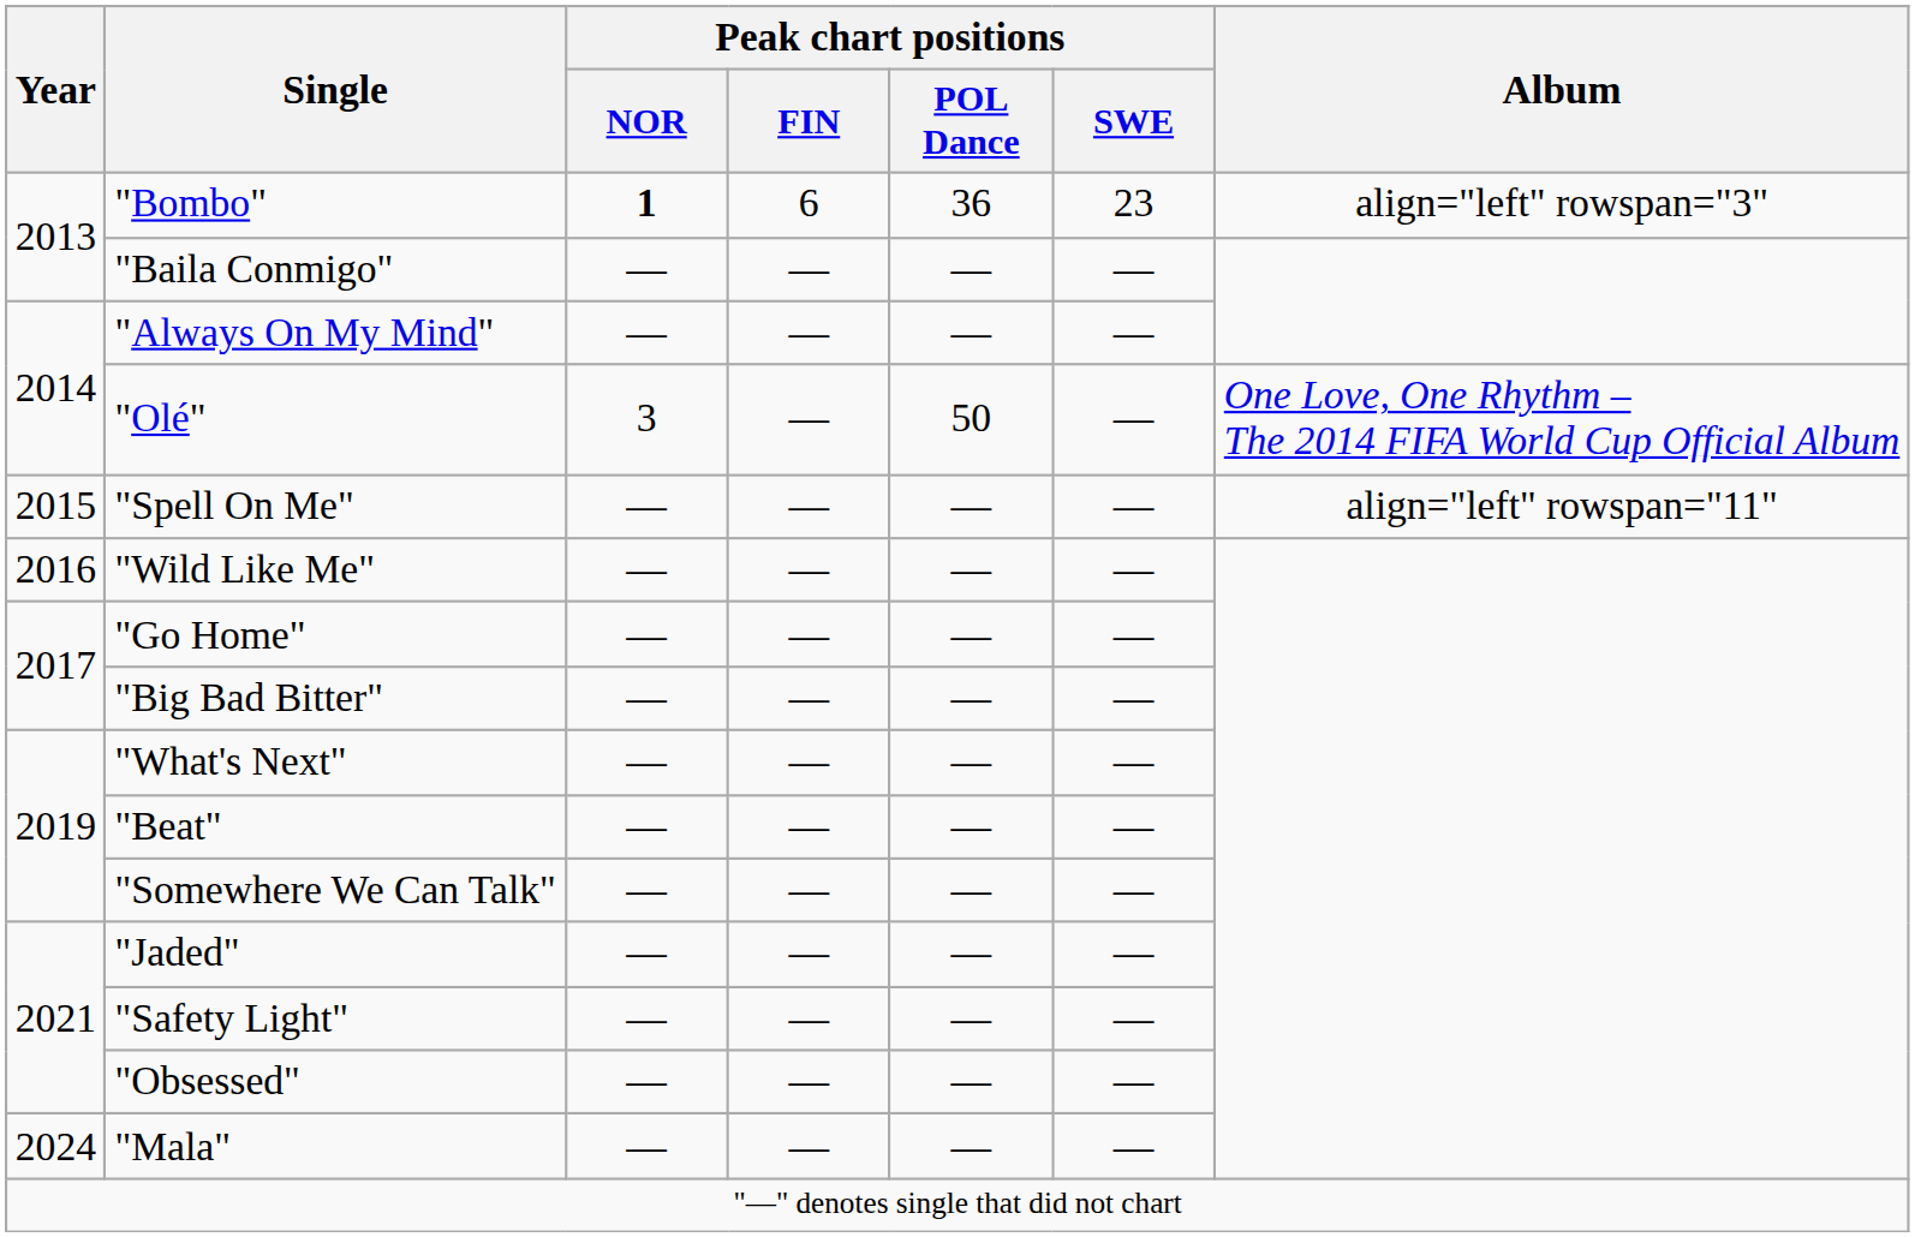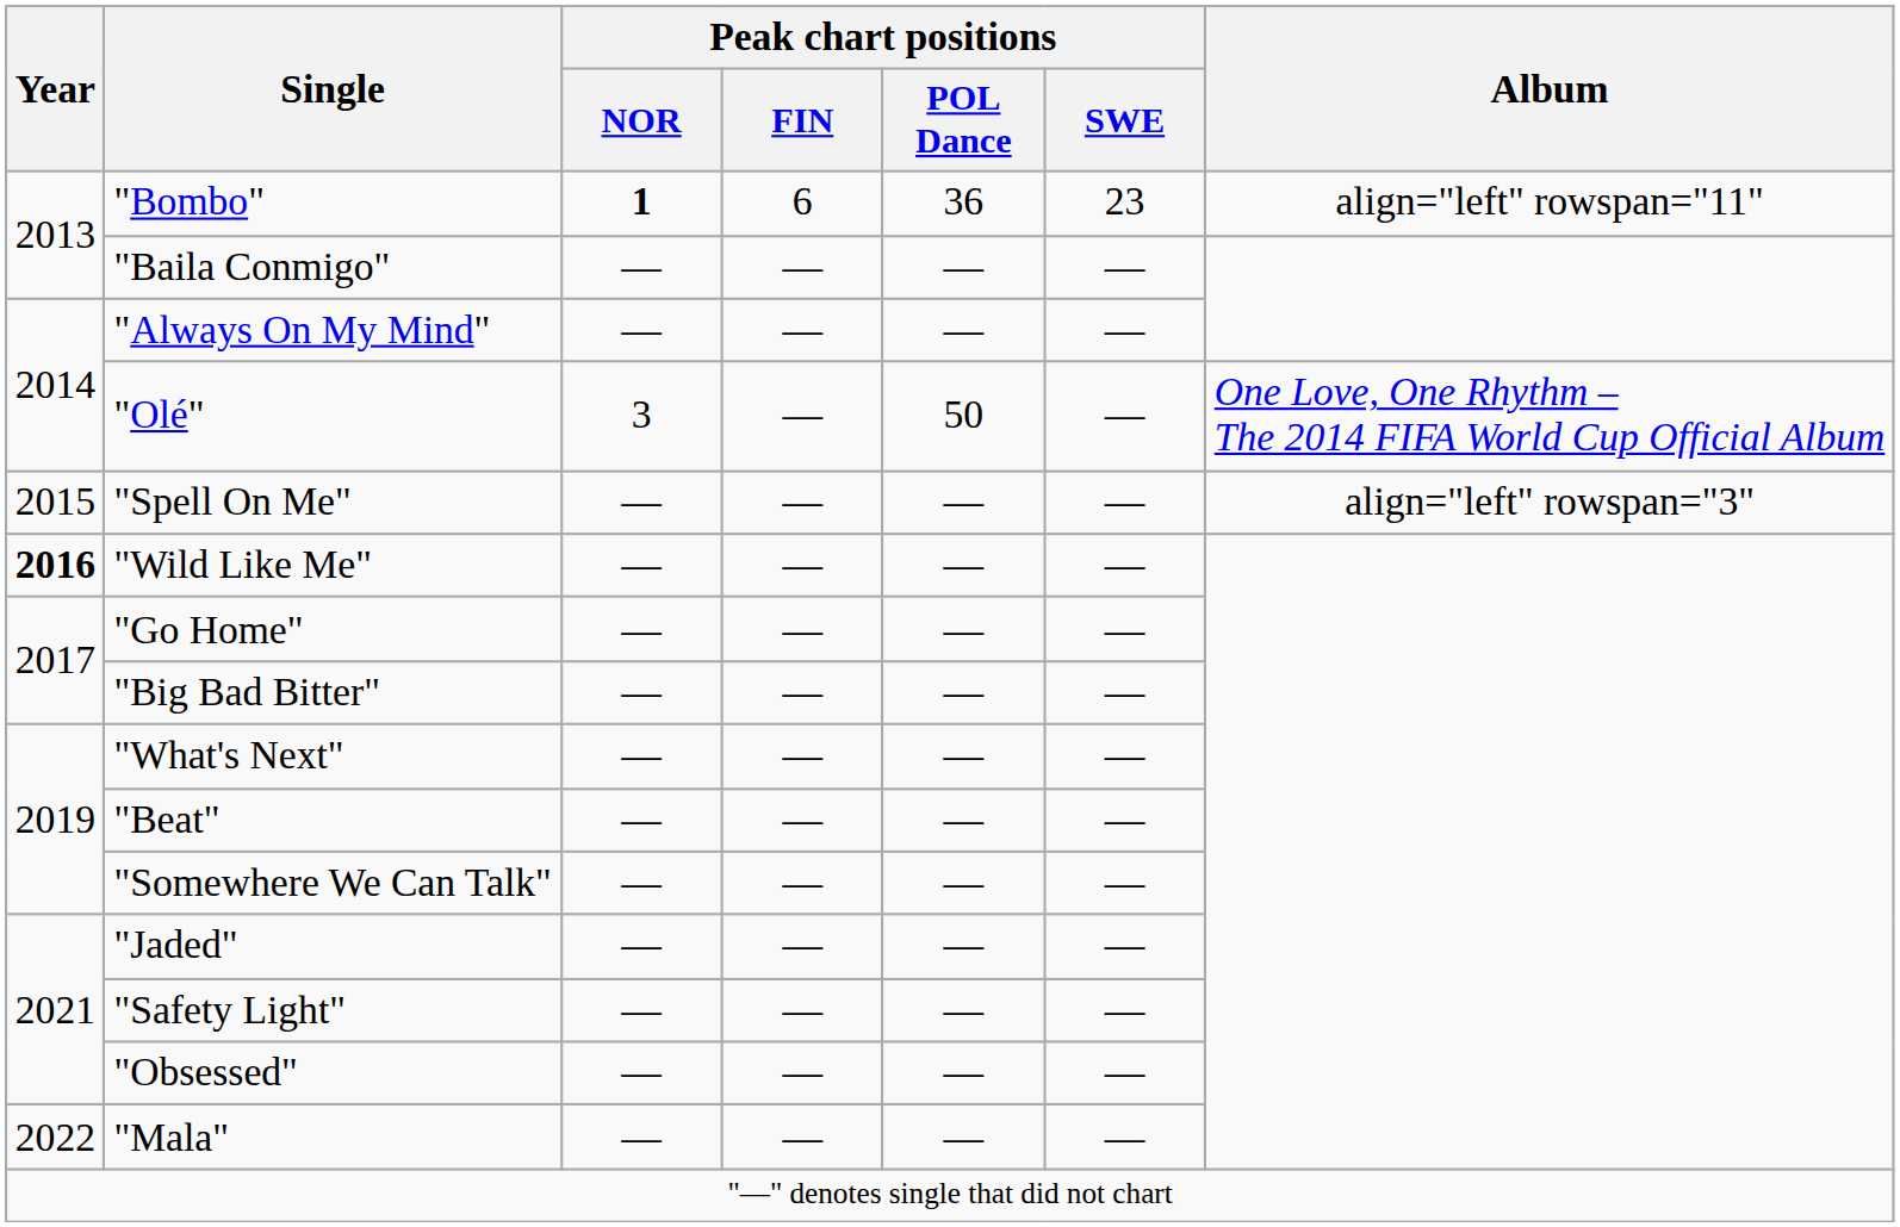 <table class="wikitable plainrowheaders" style="text-align:center;">
 <tr>
 <th scope="col" rowspan="2">Year</th>
 <th scope="col" rowspan="2">Single</th>
 <th scope="col" colspan="4">Peak chart positions</th>
 <th scope="col" rowspan="2">Album</th>
 </tr>
 <tr>
 <th scope="col" style="width:4em;font-size:90%;"><a href='#'>NOR</a><br></th>
 <th scope="col" style="width:4em;font-size:90%;"><a href='#'>FIN</a><br></th>
 <th scope="col" style="width:4em;font-size:90%;"><a href='#'>POL Dance</a><br></th>
 <th scope="col" style="width:4em;font-size:90%;"><a href='#'>SWE</a><br></th>
 </tr>
 <tr>
 <td rowspan="2">2013</td>
 <td align="left">"<a href='#'>Bombo</a>"</td>
 <td><strong>1</strong></td>
 <td>6</td>
 <td>36</td>
 <td>23</td>
-<td>align="left" rowspan="3" </td>
+<td>align="left" rowspan="11" </td>
 </tr>
 <tr>
 <td align="left">"Baila Conmigo"</td>
 <td>—</td>
 <td>—</td>
 <td>—</td>
 <td>—</td>
 </tr>
 <tr>
 <td rowspan="2">2014</td>
 <td align="left">"<a href='#'>Always On My Mind</a>"</td>
 <td>—</td>
 <td>—</td>
 <td>—</td>
 <td>—</td>
 </tr>
 <tr>
 <td align="left">"<a href='#'>Olé</a>"</td>
 <td>3</td>
 <td>—</td>
 <td>50</td>
 <td>—</td>
 <td align="left"><em><a href='#'>One Love, One Rhythm –<br>The 2014 FIFA World Cup Official Album</a></em></td>
 </tr>
 <tr>
 <td>2015</td>
 <td align="left">"Spell On Me"</td>
 <td>—</td>
 <td>—</td>
 <td>—</td>
 <td>—</td>
-<td>align="left" rowspan="11" </td>
+<td>align="left" rowspan="3" </td>
 </tr>
 <tr>
-<td>2016</td>
+<td><strong>2016</strong></td>
 <td align="left">"Wild Like Me"</td>
 <td>—</td>
 <td>—</td>
 <td>—</td>
 <td>—</td>
 </tr>
 <tr>
 <td rowspan="2">2017</td>
 <td align="left">"Go Home"</td>
 <td>—</td>
 <td>—</td>
 <td>—</td>
 <td>—</td>
 </tr>
 <tr>
 <td align="left">"Big Bad Bitter"</td>
 <td>—</td>
 <td>—</td>
 <td>—</td>
 <td>—</td>
 </tr>
 <tr>
 <td rowspan="3">2019</td>
 <td align="left">"What's Next"</td>
 <td>—</td>
 <td>—</td>
 <td>—</td>
 <td>—</td>
 </tr>
 <tr>
 <td align="left">"Beat"<br></td>
 <td>—</td>
 <td>—</td>
 <td>—</td>
 <td>—</td>
 </tr>
 <tr>
 <td align="left">"Somewhere We Can Talk"</td>
 <td>—</td>
 <td>—</td>
 <td>—</td>
 <td>—</td>
 </tr>
 <tr>
 <td rowspan="3">2021</td>
 <td align="left">"Jaded"</td>
 <td>—</td>
 <td>—</td>
 <td>—</td>
 <td>—</td>
 </tr>
 <tr>
 <td align="left">"Safety Light"</td>
 <td>—</td>
 <td>—</td>
 <td>—</td>
 <td>—</td>
 </tr>
 <tr>
 <td align="left">"Obsessed"</td>
 <td>—</td>
 <td>—</td>
 <td>—</td>
 <td>—</td>
 </tr>
 <tr>
-<td>2024</td>
+<td>2022</td>
 <td align="left">"Mala"</td>
 <td>—</td>
 <td>—</td>
 <td>—</td>
 <td>—</td>
 </tr>
 <tr>
 <td colspan="9" style="font-size:9pt">"—" denotes single that did not chart</td>
 </tr>
 </table>
